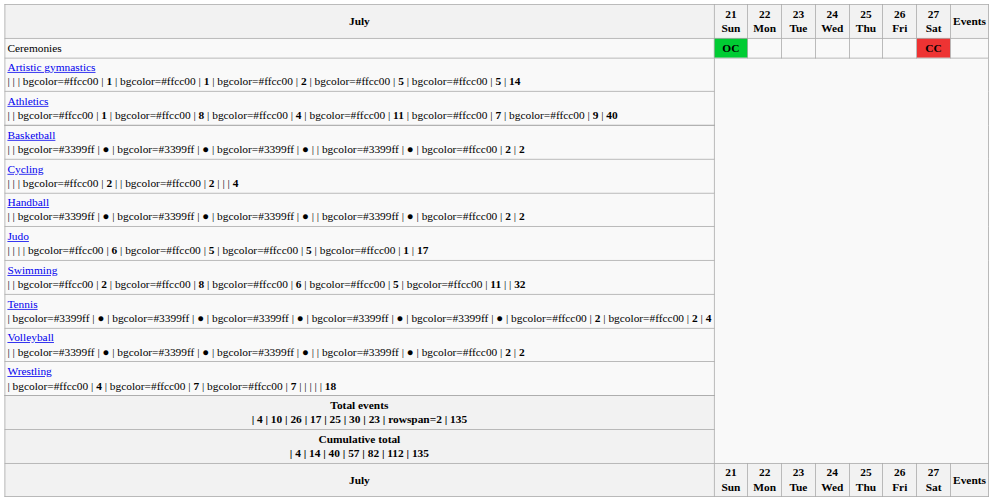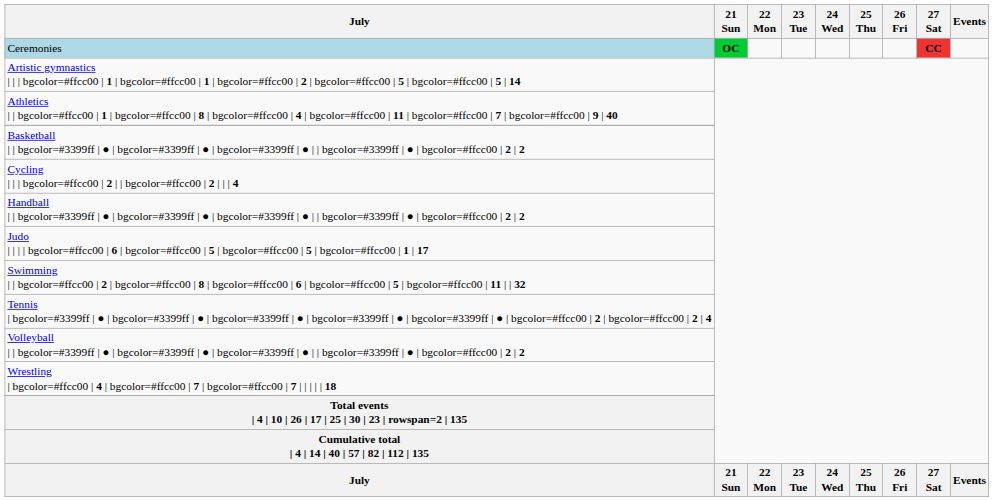 <table class="wikitable" style="margin:0.5em auto; font-size:90%; line-height:1.25em">
 <tr>
 <th>July</th>
 <th style="width:2.5em">21 <br> Sun</th>
 <th style="width:2.5em">22 <br> Mon</th>
 <th style="width:2.5em">23 <br> Tue</th>
 <th style="width:2.5em">24 <br> Wed</th>
 <th style="width:2.5em">25 <br> Thu</th>
 <th style="width:2.5em">26 <br> Fri</th>
 <th style="width:2.5em">27 <br> Sat</th>
 <th>Events</th>
 </tr>
 <tr>
-<td>Ceremonies</td>
+<td style="background: lightblue;">Ceremonies</td>
 <td style="background:#00cc33; text-align:center"><strong>OC</strong></td>
 <td></td>
 <td></td>
 <td></td>
 <td></td>
 <td></td>
 <td style="background:#ee3333; text-align:center"><strong>CC</strong></td>
 <td></td>
 </tr>
 <tr style="text-align:center">
 <td style="text-align:left"> <a href='#'>Artistic gymnastics</a><br> |   |   | bgcolor=#ffcc00 | <strong>1</strong>  | bgcolor=#ffcc00 | <strong>1</strong>  | bgcolor=#ffcc00 | <strong>2</strong>  | bgcolor=#ffcc00 | <strong>5</strong>  | bgcolor=#ffcc00 | <strong>5</strong>  | <strong>14</strong></td>
 </tr>
 <tr style="text-align:center">
 <td style="text-align:left"> <a href='#'>Athletics</a><br> |   | bgcolor=#ffcc00 | <strong>1</strong>  | bgcolor=#ffcc00 | <strong>8</strong>  | bgcolor=#ffcc00 | <strong>4</strong>  | bgcolor=#ffcc00 | <strong>11</strong>  | bgcolor=#ffcc00 | <strong>7</strong>  | bgcolor=#ffcc00 | <strong>9</strong>  | <strong>40</strong></td>
 </tr>
 <tr style="text-align:center">
 </tr>
 <tr style="text-align:center">
 <td style="text-align:left"> <a href='#'>Basketball</a><br> |   | bgcolor=#3399ff | ●  | bgcolor=#3399ff | ●  | bgcolor=#3399ff | ●  |   | bgcolor=#3399ff | ●  | bgcolor=#ffcc00 | <strong>2</strong>  | <strong>2</strong></td>
 </tr>
 <tr style="text-align:center">
 <td style="text-align:left"> <a href='#'>Cycling</a><br> |   |   | bgcolor=#ffcc00 | <strong>2</strong>  |   | bgcolor=#ffcc00 | <strong>2</strong>  |   |   | <strong>4</strong></td>
 </tr>
 <tr style="text-align:center">
 <td style="text-align:left"> <a href='#'>Handball</a><br> |   | bgcolor=#3399ff | ●  | bgcolor=#3399ff | ●  | bgcolor=#3399ff | ●  |  | bgcolor=#3399ff | ●  | bgcolor=#ffcc00 | <strong>2</strong>  | <strong>2</strong></td>
 </tr>
 <tr style="text-align:center">
 <td style="text-align:left"> <a href='#'>Judo</a><br> |   |   |   | bgcolor=#ffcc00 | <strong>6</strong>  | bgcolor=#ffcc00 | <strong>5</strong>  | bgcolor=#ffcc00 | <strong>5</strong>  | bgcolor=#ffcc00 | <strong>1</strong>  | <strong>17</strong></td>
 </tr>
 <tr style="text-align:center">
 <td style="text-align:left"> <a href='#'>Swimming</a><br> |   | bgcolor=#ffcc00 | <strong>2</strong>  | bgcolor=#ffcc00 | <strong>8</strong>  | bgcolor=#ffcc00 | <strong>6</strong>  | bgcolor=#ffcc00 | <strong>5</strong>  | bgcolor=#ffcc00 | <strong>11</strong>  |   | <strong>32</strong></td>
 </tr>
 <tr style="text-align:center">
 <td style="text-align:left"> <a href='#'>Tennis</a><br> | bgcolor=#3399ff | ●  | bgcolor=#3399ff | ●  | bgcolor=#3399ff | ●  | bgcolor=#3399ff | ●  | bgcolor=#3399ff | ●  | bgcolor=#ffcc00 | <strong>2</strong>  | bgcolor=#ffcc00 | <strong>2</strong>  | <strong>4</strong></td>
 </tr>
 <tr style="text-align:center">
 <td style="text-align:left"> <a href='#'>Volleyball</a><br> |   | bgcolor=#3399ff | ●  | bgcolor=#3399ff | ●  | bgcolor=#3399ff | ●  |   | bgcolor=#3399ff | ●  | bgcolor=#ffcc00 | <strong>2</strong>  | <strong>2</strong></td>
 </tr>
 <tr style="text-align:center">
 <td style="text-align:left"> <a href='#'>Wrestling</a><br> | bgcolor=#ffcc00 | <strong>4</strong>  | bgcolor=#ffcc00 | <strong>7</strong>  | bgcolor=#ffcc00 | <strong>7</strong>  |   |   |   |   | <strong>18</strong></td>
 </tr>
 <tr style="text-align:center">
 </tr>
 <tr align=center>
 <th>Total events<br> | 4  | 10  | 26  | 17  | 25  | 30  | 23  | rowspan=2 | 135</th>
 </tr>
 <tr align=center>
 <th>Cumulative total<br> | 4  | 14  | 40  | 57  | 82  | 112  | 135</th>
 </tr>
 <tr>
 <th>July</th>
 <th style="width:2.5em">21 <br> Sun</th>
 <th style="width:2.5em">22 <br> Mon</th>
 <th style="width:2.5em">23 <br> Tue</th>
 <th style="width:2.5em">24 <br> Wed</th>
 <th style="width:2.5em">25 <br> Thu</th>
 <th style="width:2.5em">26 <br> Fri</th>
 <th style="width:2.5em">27 <br> Sat</th>
 <th>Events</th>
 </tr>
 </table>
